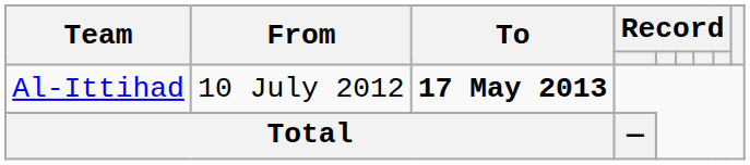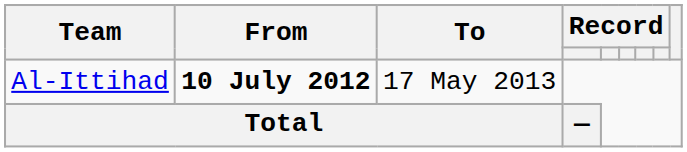 <table class=wikitable style=text-align:center>
 <tr>
 <th rowspan=2>Team</th>
 <th rowspan=2>From</th>
 <th rowspan=2>To</th>
 <th colspan=5>Record</th>
 <th rowspan=2></th>
 </tr>
 <tr>
 <th></th>
 <th></th>
 <th></th>
 <th></th>
 <th></th>
 </tr>
 <tr>
 <td align=left><a href='#'>Al-Ittihad</a></td>
-<td align=left>10 July 2012</td>
-<td align=left><strong>17 May 2013<br></strong></td>
+<td align=left><strong>10 July 2012</strong></td>
+<td align=left>17 May 2013<br></td>
 </tr>
 <tr>
 <th colspan=3>Total<br></th>
 <th>—</th>
 </tr>
 </table>
